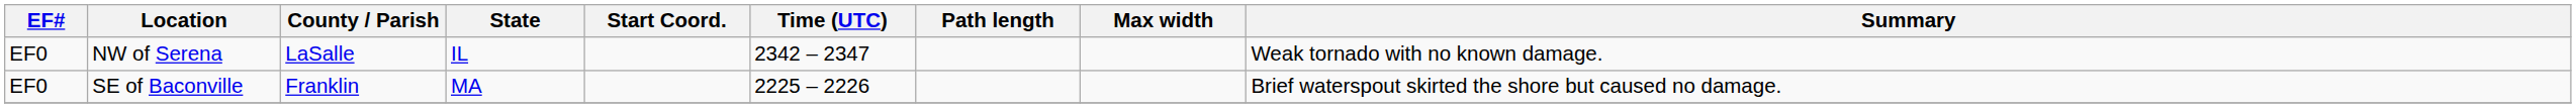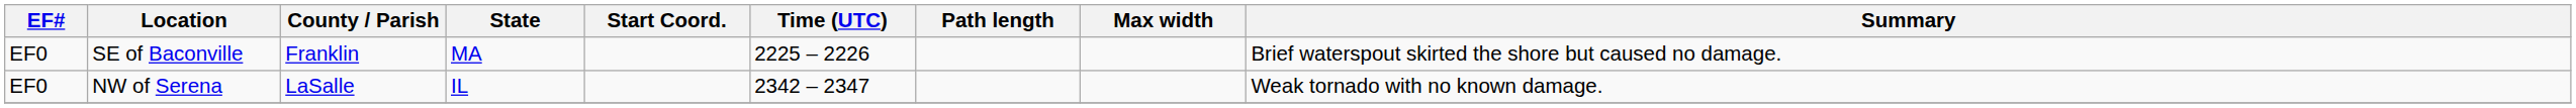 <table class="wikitable sortable" style="width:100%;">
 <tr>
 <th scope="col" width="3%" align="center"><a href='#'>EF#</a></th>
 <th scope="col" width="7%" align="center" class="unsortable">Location</th>
 <th scope="col" width="6%" align="center" class="unsortable">County / Parish</th>
 <th scope="col" width="5%" align="center">State</th>
 <th scope="col" width="6%" align="center">Start Coord.</th>
 <th scope="col" width="6%" align="center">Time (<a href='#'>UTC</a>)</th>
 <th scope="col" width="6%" align="center">Path length</th>
 <th scope="col" width="6%" align="center">Max width</th>
 <th scope="col" width="48%" class="unsortable" align="center">Summary</th>
 </tr>
 <tr>
 <td>EF0</td>
+<td>SE of <a href='#'>Baconville</a></td>
+<td><a href='#'>Franklin</a></td>
+<td><a href='#'>MA</a></td>
+<td></td>
+<td>2225 – 2226</td>
+<td></td>
+<td></td>
+<td>Brief waterspout skirted the shore but caused no damage.</td>
+</tr>
+<tr>
+<td>EF0</td>
 <td>NW of <a href='#'>Serena</a></td>
 <td><a href='#'>LaSalle</a></td>
 <td><a href='#'>IL</a></td>
 <td></td>
 <td>2342 – 2347</td>
 <td></td>
 <td></td>
 <td>Weak tornado with no known damage.</td>
 </tr>
 <tr>
-<td>EF0</td>
-<td>SE of <a href='#'>Baconville</a></td>
-<td><a href='#'>Franklin</a></td>
-<td><a href='#'>MA</a></td>
-<td></td>
-<td>2225 – 2226</td>
-<td></td>
-<td></td>
-<td>Brief waterspout skirted the shore but caused no damage.</td>
-</tr>
-<tr>
 </tr>
 </table>
